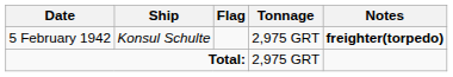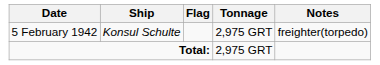 <table class="wikitable" style="margin:1em auto;">
 <tr>
 <th>Date</th>
 <th>Ship</th>
 <th>Flag</th>
 <th>Tonnage</th>
 <th>Notes</th>
 </tr>
 <tr>
 <td>5 February 1942</td>
 <td><em>Konsul Schulte</em></td>
 <td></td>
 <td>2,975 GRT</td>
-<td><strong>freighter(torpedo)</strong></td>
+<td>freighter(torpedo)</td>
 </tr>
 <tr>
 <td colspan="3" style="text-align:right;"><strong>Total:</strong></td>
 <td>2,975 GRT</td>
 <td></td>
 </tr>
 </table>
